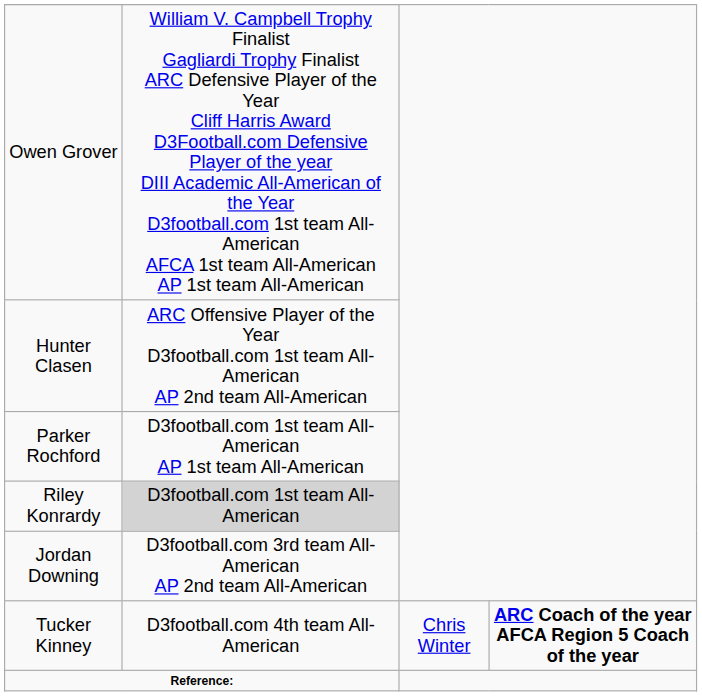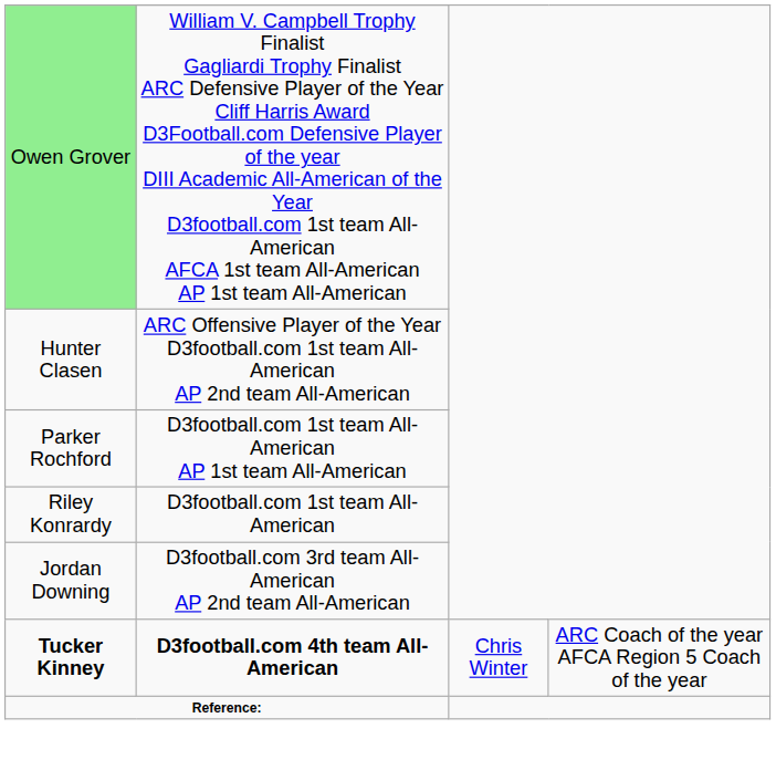 <table class="wikitable sortable sortable" style="text-align: center">
 <tr align=center>
 </tr>
 <tr>
-<td>Owen Grover</td>
+<td style="background: lightgreen;">Owen Grover</td>
 <td><a href='#'>William V. Campbell Trophy</a> Finalist<br><a href='#'>Gagliardi Trophy</a> Finalist<br><a href='#'>ARC</a> Defensive Player of the Year<br><a href='#'>Cliff Harris Award</a><br><a href='#'>D3Football.com Defensive Player of the year</a><br><a href='#'>DIII Academic All-American of the Year</a><br><a href='#'>D3football.com</a> 1st team All-American<br><a href='#'>AFCA</a> 1st team All-American<br><a href='#'>AP</a> 1st team All-American</td>
 </tr>
 <tr>
 <td>Hunter Clasen</td>
 <td><a href='#'>ARC</a> Offensive Player of the Year<br>D3football.com 1st team All-American<br><a href='#'>AP</a> 2nd team All-American</td>
 </tr>
 <tr>
 <td>Parker Rochford</td>
 <td>D3football.com 1st team All-American<br><a href='#'>AP</a> 1st team All-American</td>
 </tr>
 <tr>
 <td>Riley Konrardy</td>
-<td style="background: lightgrey;">D3football.com 1st team All-American</td>
+<td>D3football.com 1st team All-American</td>
 </tr>
 <tr>
 <td>Jordan Downing</td>
 <td>D3football.com 3rd team All-American<br><a href='#'>AP</a> 2nd team All-American</td>
 </tr>
 <tr>
-<td>Tucker Kinney</td>
-<td>D3football.com 4th team All-American<br></td>
+<td><strong>Tucker Kinney</strong></td>
+<td><strong>D3football.com 4th team All-American<br></strong></td>
 <td><a href='#'>Chris Winter</a></td>
-<td><strong><a href='#'>ARC</a> Coach of the year<br>AFCA Region 5 Coach of the year</strong></td>
+<td><a href='#'>ARC</a> Coach of the year<br>AFCA Region 5 Coach of the year</td>
 </tr>
 <tr class="sortbottom">
 <td colspan="2"  style="font-size:8pt; text-align:center;"><strong>Reference:</strong></td>
 </tr>
 </table>
